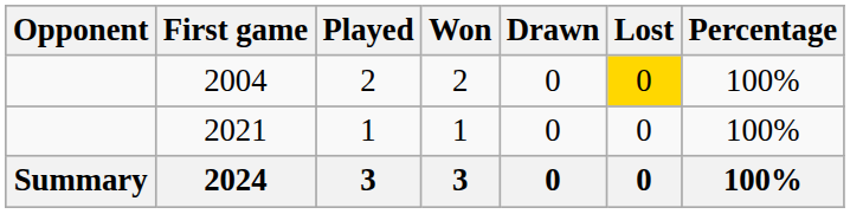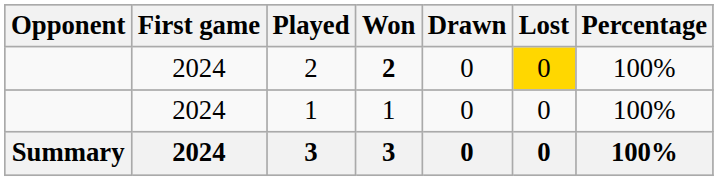 <table class="wikitable" style="text-align: center;">
 <tr>
 <th>Opponent</th>
 <th>First game</th>
 <th>Played</th>
 <th>Won</th>
 <th>Drawn</th>
 <th>Lost</th>
 <th>Percentage</th>
 </tr>
 <tr>
 <td style="text-align: left;"></td>
-<td>2004</td>
+<td>2024</td>
 <td>2</td>
-<td>2</td>
+<td><strong>2</strong></td>
 <td>0</td>
 <td style="background: gold;">0</td>
 <td>100%</td>
 </tr>
 <tr>
 <td style="text-align: left;"></td>
-<td>2021</td>
+<td>2024</td>
 <td>1</td>
 <td>1</td>
 <td>0</td>
 <td>0</td>
 <td>100%</td>
 </tr>
 <tr>
 <th>Summary</th>
 <th>2024</th>
 <th>3</th>
 <th>3</th>
 <th>0</th>
 <th>0</th>
 <th>100%</th>
 </tr>
 </table>
